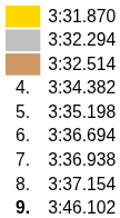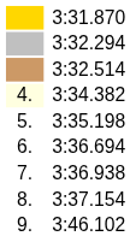 <table style="text-align:center">
 <tr>
 <td width=30 bgcolor=gold></td>
 <td align=left></td>
 <td width=60>3:31.870</td>
 </tr>
 <tr>
 <td bgcolor=silver></td>
 <td align=left></td>
 <td>3:32.294</td>
 </tr>
 <tr>
 <td bgcolor=cc9966></td>
 <td align=left></td>
 <td>3:32.514</td>
 </tr>
 <tr>
-<td>4.</td>
+<td style="background: lightyellow;">4.</td>
 <td align=left></td>
 <td>3:34.382</td>
 </tr>
 <tr>
 <td>5.</td>
 <td align=left></td>
 <td>3:35.198</td>
 </tr>
 <tr>
 <td>6.</td>
 <td align=left></td>
 <td>3:36.694</td>
 </tr>
 <tr>
 <td>7.</td>
 <td align=left></td>
 <td>3:36.938</td>
 </tr>
 <tr>
 <td>8.</td>
 <td align=left></td>
 <td>3:37.154</td>
 </tr>
 <tr>
-<td><strong>9.</strong></td>
+<td>9.</td>
 <td align=left></td>
 <td>3:46.102</td>
 </tr>
 </table>
